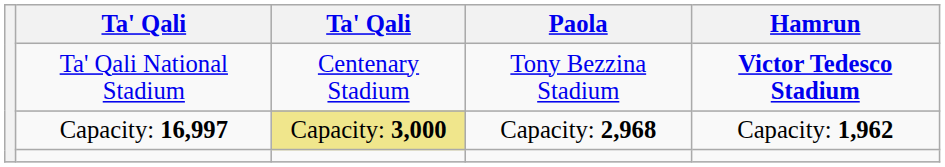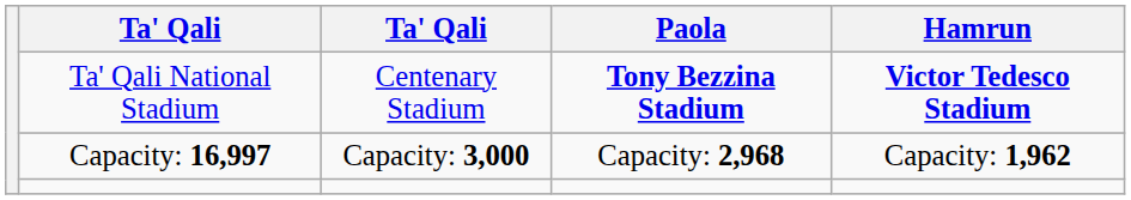 <table class="wikitable" style="text-align:center">
 <tr>
 <th rowspan="5"></th>
 <th><a href='#'>Ta' Qali</a></th>
 <th><a href='#'>Ta' Qali</a></th>
 <th><a href='#'>Paola</a></th>
 <th><a href='#'>Hamrun</a></th>
 </tr>
 <tr>
 <td><a href='#'>Ta' Qali National Stadium</a></td>
 <td><a href='#'>Centenary Stadium</a></td>
-<td><a href='#'>Tony Bezzina Stadium</a></td>
+<td><strong><a href='#'>Tony Bezzina Stadium</a></strong></td>
 <td><strong><a href='#'>Victor Tedesco Stadium</a></strong></td>
 </tr>
 <tr>
 <td>Capacity: <strong>16,997</strong></td>
-<td style="background: khaki;">Capacity: <strong>3,000</strong></td>
+<td>Capacity: <strong>3,000</strong></td>
 <td>Capacity: <strong>2,968</strong></td>
 <td>Capacity: <strong>1,962</strong></td>
 </tr>
 <tr>
 <td></td>
 <td></td>
 <td></td>
 <td></td>
 </tr>
 </table>
